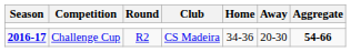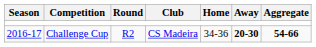 <table class="wikitable">
 <tr>
 <th>Season</th>
 <th>Competition</th>
 <th>Round</th>
 <th>Club</th>
 <th>Home</th>
 <th>Away</th>
 <th>Aggregate</th>
 </tr>
 <tr>
 <td colspan="7" bgcolor=white></td>
 </tr>
 <tr>
-<td><strong><a href='#'>2016-17</a></strong></td>
+<td><a href='#'>2016-17</a></td>
 <td><a href='#'>Challenge Cup</a></td>
 <td style="text-align:center;"><a href='#'>R2</a></td>
 <td> <a href='#'>CS Madeira</a></td>
 <td style="text-align:center;">34-36</td>
-<td style="text-align:center;">20-30</td>
+<td style="text-align:center;"><strong>20-30</strong></td>
 <td style="text-align:center;"><strong>54-66</strong></td>
 </tr>
 </table>
